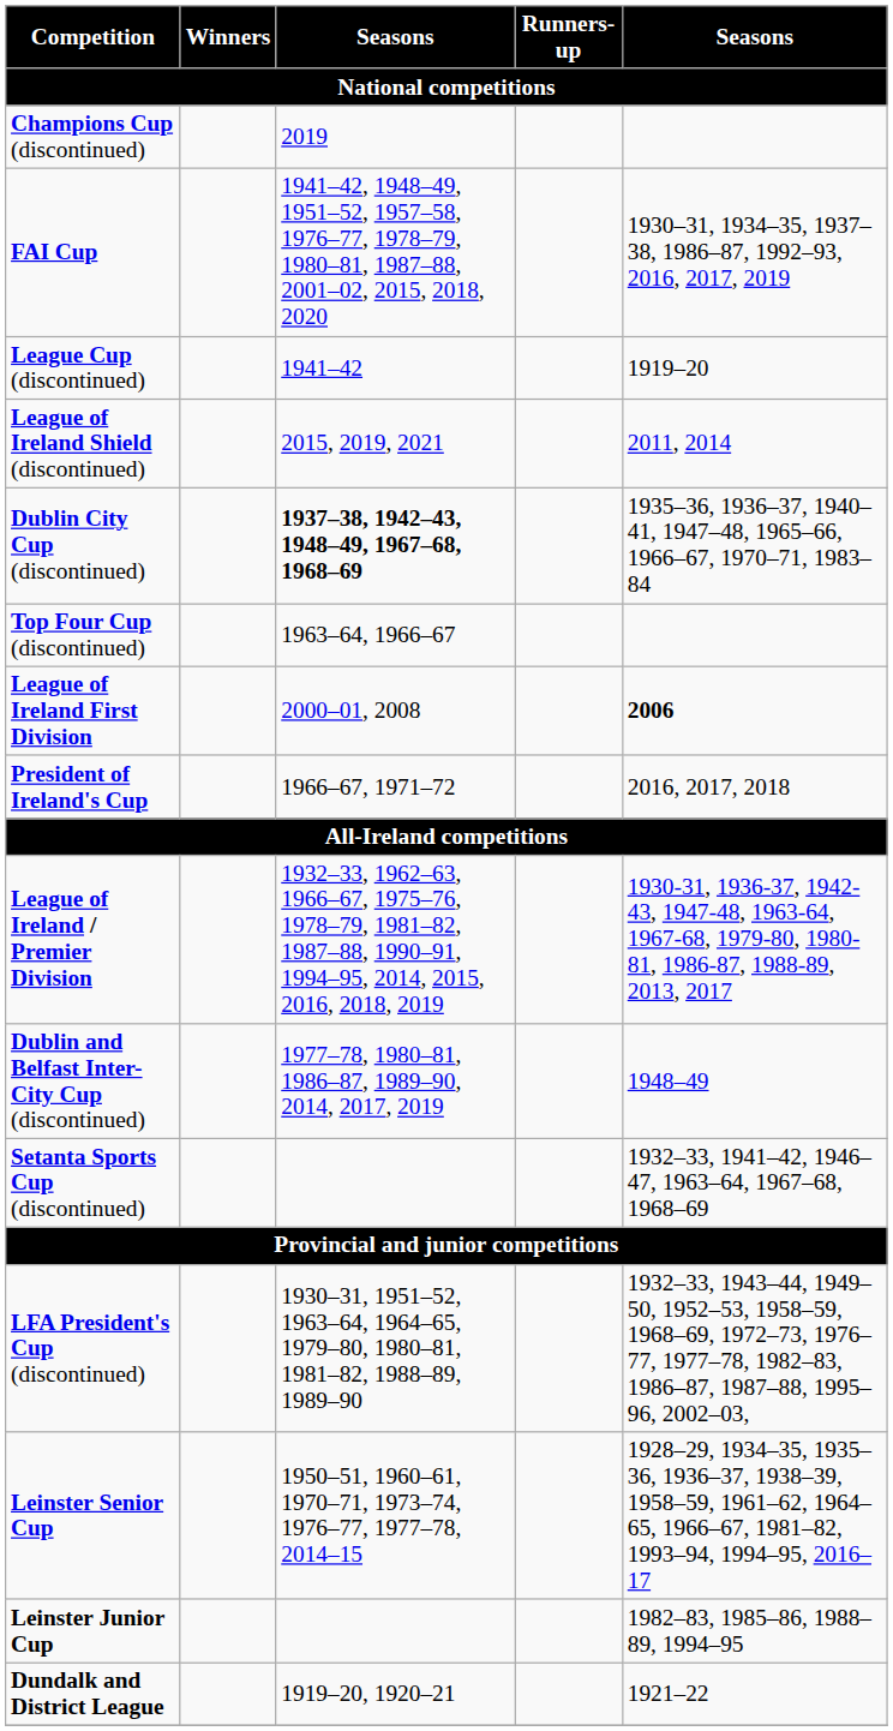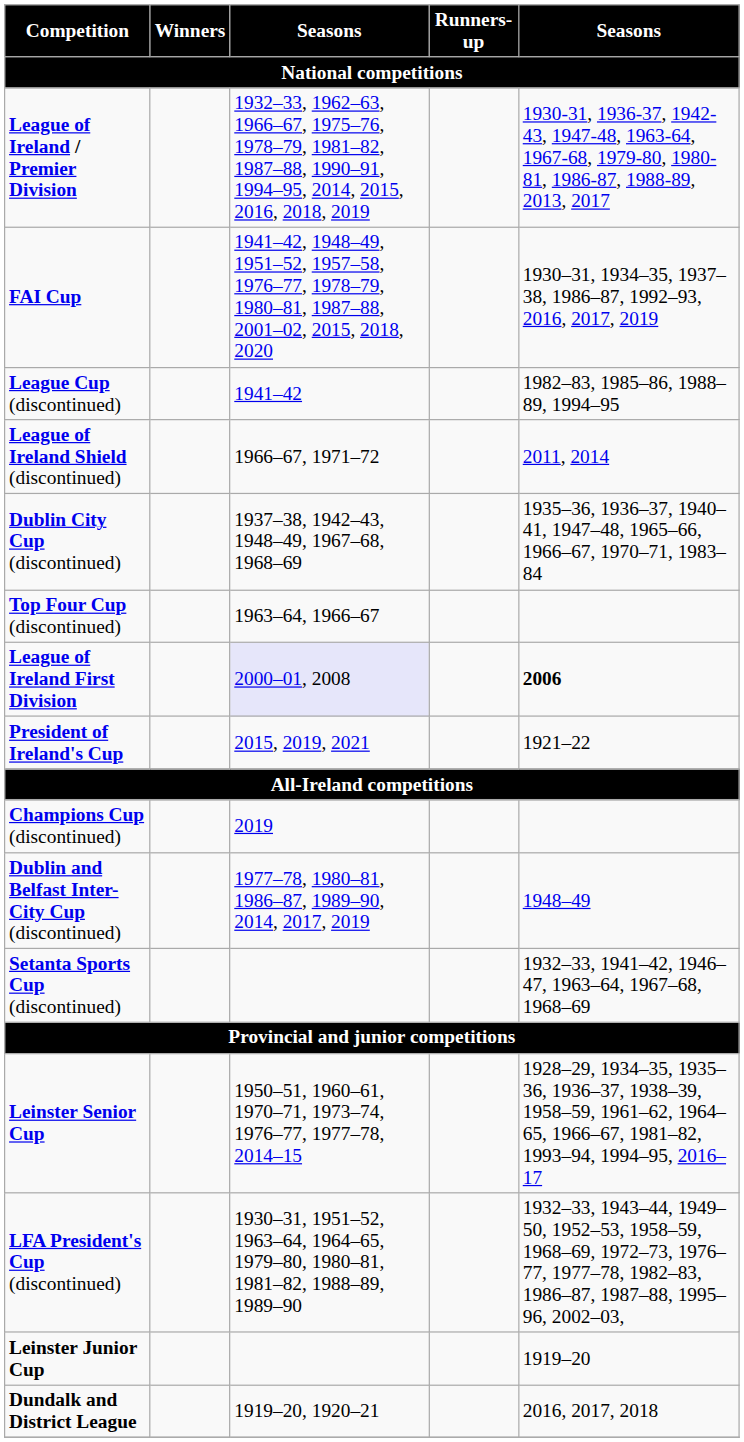 <table class="wikitable">
 <tr>
 <th style="color:white; background:black">Competition</th>
 <th style="color:white; background:black">Winners</th>
 <th style="color:white; background:black">Seasons</th>
 <th style="color:white; background:black">Runners-up</th>
 <th style="color:white; background:black">Seasons</th>
 </tr>
 <tr>
 <th Colspan="5" style="color:white; background:black"><strong>National competitions</strong></th>
 </tr>
 <tr>
-<td><strong><a href='#'>Champions Cup</a></strong><br>(discontinued)</td>
+<td><strong><a href='#'>League of Ireland</a> / <br><a href='#'>Premier Division</a></strong></td>
 <td></td>
-<td><a href='#'>2019</a></td>
+<td><a href='#'>1932–33</a>, <a href='#'>1962–63</a>, <a href='#'>1966–67</a>, <a href='#'>1975–76</a>, <a href='#'>1978–79</a>, <a href='#'>1981–82</a>, <a href='#'>1987–88</a>, <a href='#'>1990–91</a>, <a href='#'>1994–95</a>, <a href='#'>2014</a>, <a href='#'>2015</a>, <a href='#'>2016</a>, <a href='#'>2018</a>, <a href='#'>2019</a></td>
 <td></td>
-<td></td>
+<td><a href='#'>1930-31</a>, <a href='#'>1936-37</a>, <a href='#'>1942-43</a>, <a href='#'>1947-48</a>, <a href='#'>1963-64</a>, <a href='#'>1967-68</a>, <a href='#'>1979-80</a>, <a href='#'>1980-81</a>, <a href='#'>1986-87</a>, <a href='#'>1988-89</a>, <a href='#'>2013</a>, <a href='#'>2017</a></td>
 </tr>
 <tr>
 <td><strong><a href='#'>FAI Cup</a></strong></td>
 <td></td>
 <td><a href='#'>1941–42</a>, <a href='#'>1948–49</a>, <a href='#'>1951–52</a>, <a href='#'>1957–58</a>, <a href='#'>1976–77</a>, <a href='#'>1978–79</a>, <a href='#'>1980–81</a>, <a href='#'>1987–88</a>, <a href='#'>2001–02</a>, <a href='#'>2015</a>, <a href='#'>2018</a>, <a href='#'>2020</a></td>
 <td></td>
 <td>1930–31, 1934–35, 1937–38, 1986–87, 1992–93, <a href='#'>2016</a>, <a href='#'>2017</a>, <a href='#'>2019</a></td>
 </tr>
 <tr>
 <td><strong><a href='#'>League Cup</a></strong><br>(discontinued)</td>
 <td></td>
 <td><a href='#'>1941–42</a></td>
 <td></td>
-<td>1919–20</td>
+<td>1982–83, 1985–86, 1988–89, 1994–95</td>
 </tr>
 <tr>
 <td><strong><a href='#'>League of Ireland Shield</a></strong><br>(discontinued)</td>
 <td></td>
-<td><a href='#'>2015</a>, <a href='#'>2019</a>, <a href='#'>2021</a></td>
+<td>1966–67, 1971–72</td>
 <td></td>
 <td><a href='#'>2011</a>, <a href='#'>2014</a></td>
 </tr>
 <tr>
 <td><strong><a href='#'>Dublin City Cup</a></strong><br>(discontinued)</td>
 <td></td>
-<td><strong>1937–38, 1942–43, 1948–49, 1967–68, 1968–69</strong></td>
+<td>1937–38, 1942–43, 1948–49, 1967–68, 1968–69</td>
 <td></td>
 <td>1935–36, 1936–37, 1940–41, 1947–48, 1965–66, 1966–67, 1970–71, 1983–84</td>
 </tr>
 <tr>
 <td><strong><a href='#'>Top Four Cup</a></strong><br>(discontinued)</td>
 <td></td>
 <td>1963–64, 1966–67</td>
 <td></td>
 <td></td>
 </tr>
 <tr>
 <td><strong><a href='#'>League of Ireland First Division</a></strong></td>
 <td></td>
-<td><a href='#'>2000–01</a>, 2008</td>
+<td style="background: lavender;"><a href='#'>2000–01</a>, 2008</td>
 <td></td>
 <td><strong>2006</strong></td>
 </tr>
 <tr>
 <td><strong><a href='#'>President of Ireland's Cup</a></strong></td>
 <td></td>
-<td>1966–67, 1971–72</td>
+<td><a href='#'>2015</a>, <a href='#'>2019</a>, <a href='#'>2021</a></td>
 <td></td>
-<td>2016, 2017, 2018</td>
+<td>1921–22</td>
 </tr>
 <tr>
 <th Colspan="5" style="color:white; background:black"><strong>All-Ireland competitions</strong></th>
 </tr>
 <tr>
-<td><strong><a href='#'>League of Ireland</a> / <br><a href='#'>Premier Division</a></strong></td>
+<td><strong><a href='#'>Champions Cup</a></strong><br>(discontinued)</td>
 <td></td>
-<td><a href='#'>1932–33</a>, <a href='#'>1962–63</a>, <a href='#'>1966–67</a>, <a href='#'>1975–76</a>, <a href='#'>1978–79</a>, <a href='#'>1981–82</a>, <a href='#'>1987–88</a>, <a href='#'>1990–91</a>, <a href='#'>1994–95</a>, <a href='#'>2014</a>, <a href='#'>2015</a>, <a href='#'>2016</a>, <a href='#'>2018</a>, <a href='#'>2019</a></td>
+<td><a href='#'>2019</a></td>
 <td></td>
-<td><a href='#'>1930-31</a>, <a href='#'>1936-37</a>, <a href='#'>1942-43</a>, <a href='#'>1947-48</a>, <a href='#'>1963-64</a>, <a href='#'>1967-68</a>, <a href='#'>1979-80</a>, <a href='#'>1980-81</a>, <a href='#'>1986-87</a>, <a href='#'>1988-89</a>, <a href='#'>2013</a>, <a href='#'>2017</a></td>
+<td></td>
 </tr>
 <tr>
 <td><strong><a href='#'>Dublin and Belfast Inter-City Cup</a></strong><br>(discontinued)</td>
 <td></td>
 <td><a href='#'>1977–78</a>, <a href='#'>1980–81</a>, <a href='#'>1986–87</a>, <a href='#'>1989–90</a>, <a href='#'>2014</a>, <a href='#'>2017</a>, <a href='#'>2019</a></td>
 <td></td>
 <td><a href='#'>1948–49</a></td>
 </tr>
 <tr>
 <td><strong><a href='#'>Setanta Sports Cup</a></strong><br>(discontinued)</td>
 <td></td>
 <td></td>
 <td></td>
 <td>1932–33, 1941–42, 1946–47, 1963–64, 1967–68, 1968–69</td>
 </tr>
 <tr>
 <th Colspan="5" style="color:white; background:black"><strong>Provincial and junior competitions</strong></th>
 </tr>
 <tr>
+<td><strong><a href='#'>Leinster Senior Cup</a></strong></td>
+<td></td>
+<td>1950–51, 1960–61, 1970–71, 1973–74, 1976–77, 1977–78, <a href='#'>2014–15</a></td>
+<td></td>
+<td>1928–29, 1934–35, 1935–36, 1936–37, 1938–39, 1958–59, 1961–62, 1964–65, 1966–67, 1981–82,<br>1993–94, 1994–95, <a href='#'>2016–17</a></td>
+</tr>
+<tr>
 <td><strong><a href='#'>LFA President's Cup</a></strong><br>(discontinued)</td>
 <td></td>
 <td>1930–31, 1951–52, 1963–64, 1964–65, 1979–80, 1980–81, 1981–82, 1988–89, 1989–90</td>
 <td></td>
 <td>1932–33, 1943–44, 1949–50, 1952–53, 1958–59, 1968–69, 1972–73, 1976–77, 1977–78, 1982–83, 1986–87, 1987–88, 1995–96, 2002–03,</td>
 </tr>
 <tr>
-<td><strong><a href='#'>Leinster Senior Cup</a></strong></td>
-<td></td>
-<td>1950–51, 1960–61, 1970–71, 1973–74, 1976–77, 1977–78, <a href='#'>2014–15</a></td>
-<td></td>
-<td>1928–29, 1934–35, 1935–36, 1936–37, 1938–39, 1958–59, 1961–62, 1964–65, 1966–67, 1981–82,<br>1993–94, 1994–95, <a href='#'>2016–17</a></td>
-</tr>
-<tr>
 <td><strong>Leinster Junior Cup</strong></td>
 <td></td>
 <td></td>
 <td></td>
-<td>1982–83, 1985–86, 1988–89, 1994–95</td>
+<td>1919–20</td>
 </tr>
 <tr>
 <td><strong>Dundalk and District League</strong></td>
 <td></td>
 <td>1919–20, 1920–21</td>
 <td></td>
-<td>1921–22</td>
+<td>2016, 2017, 2018</td>
 </tr>
 <tr>
 </tr>
 </table>
